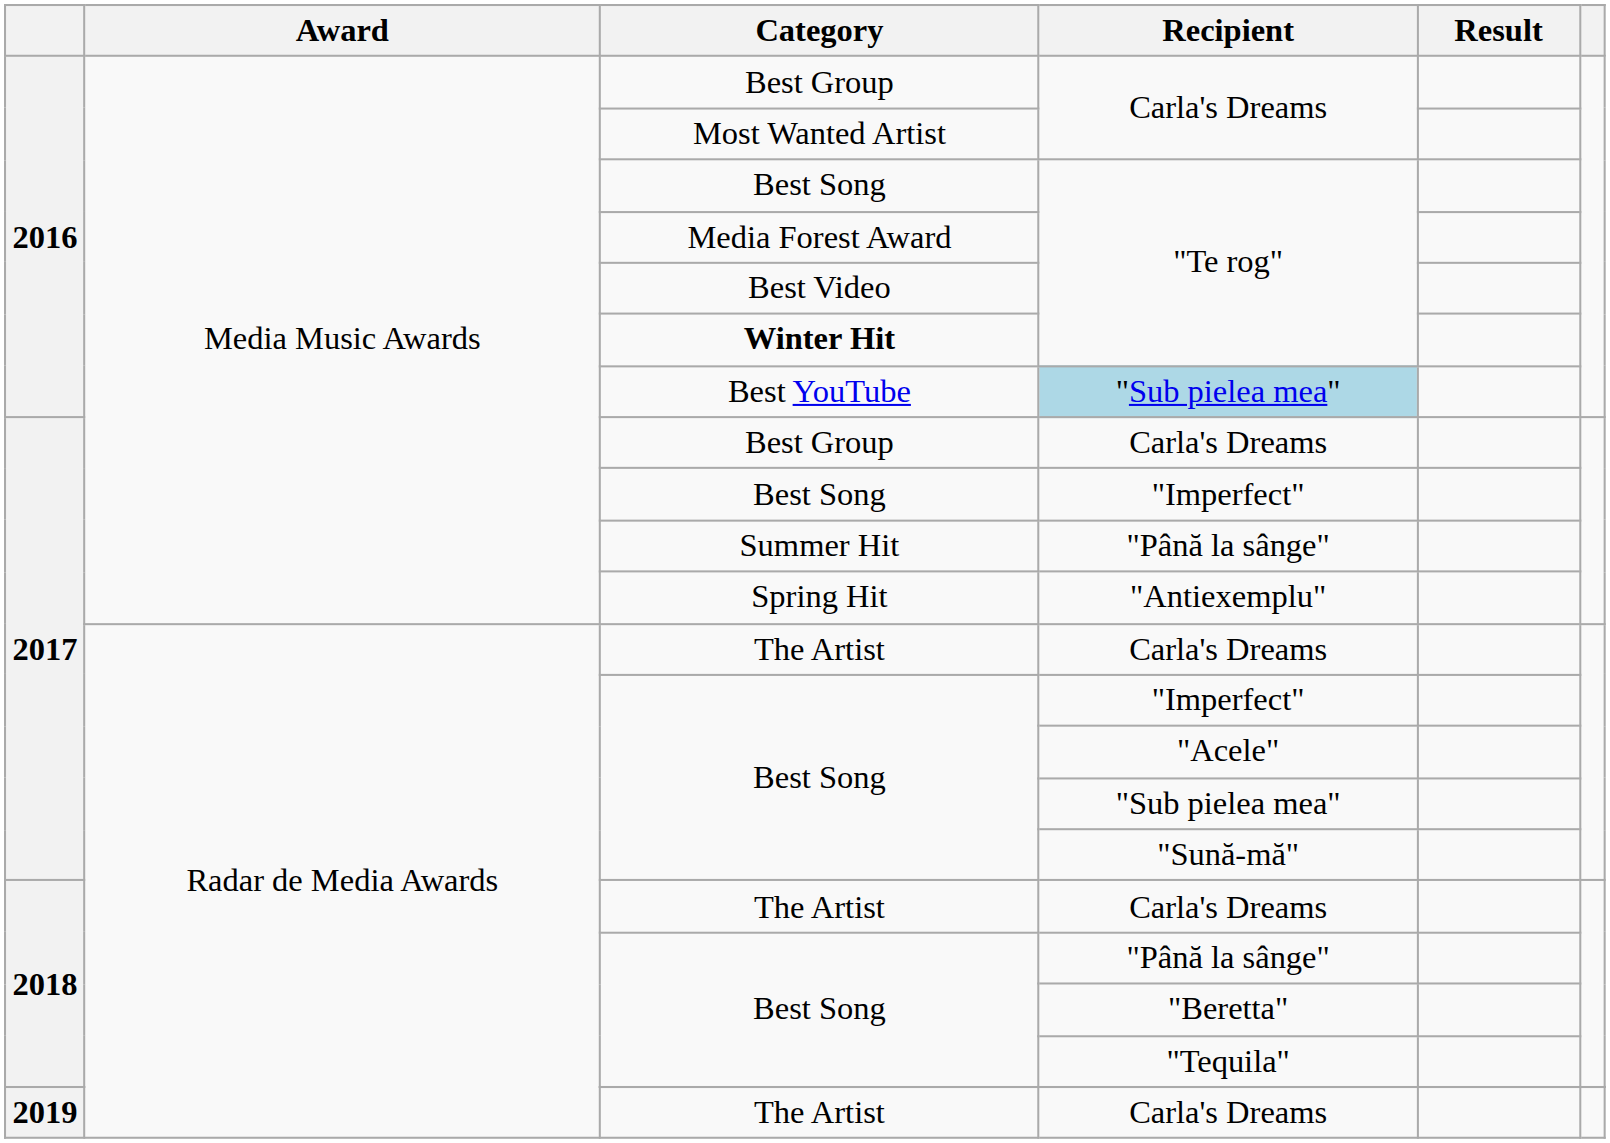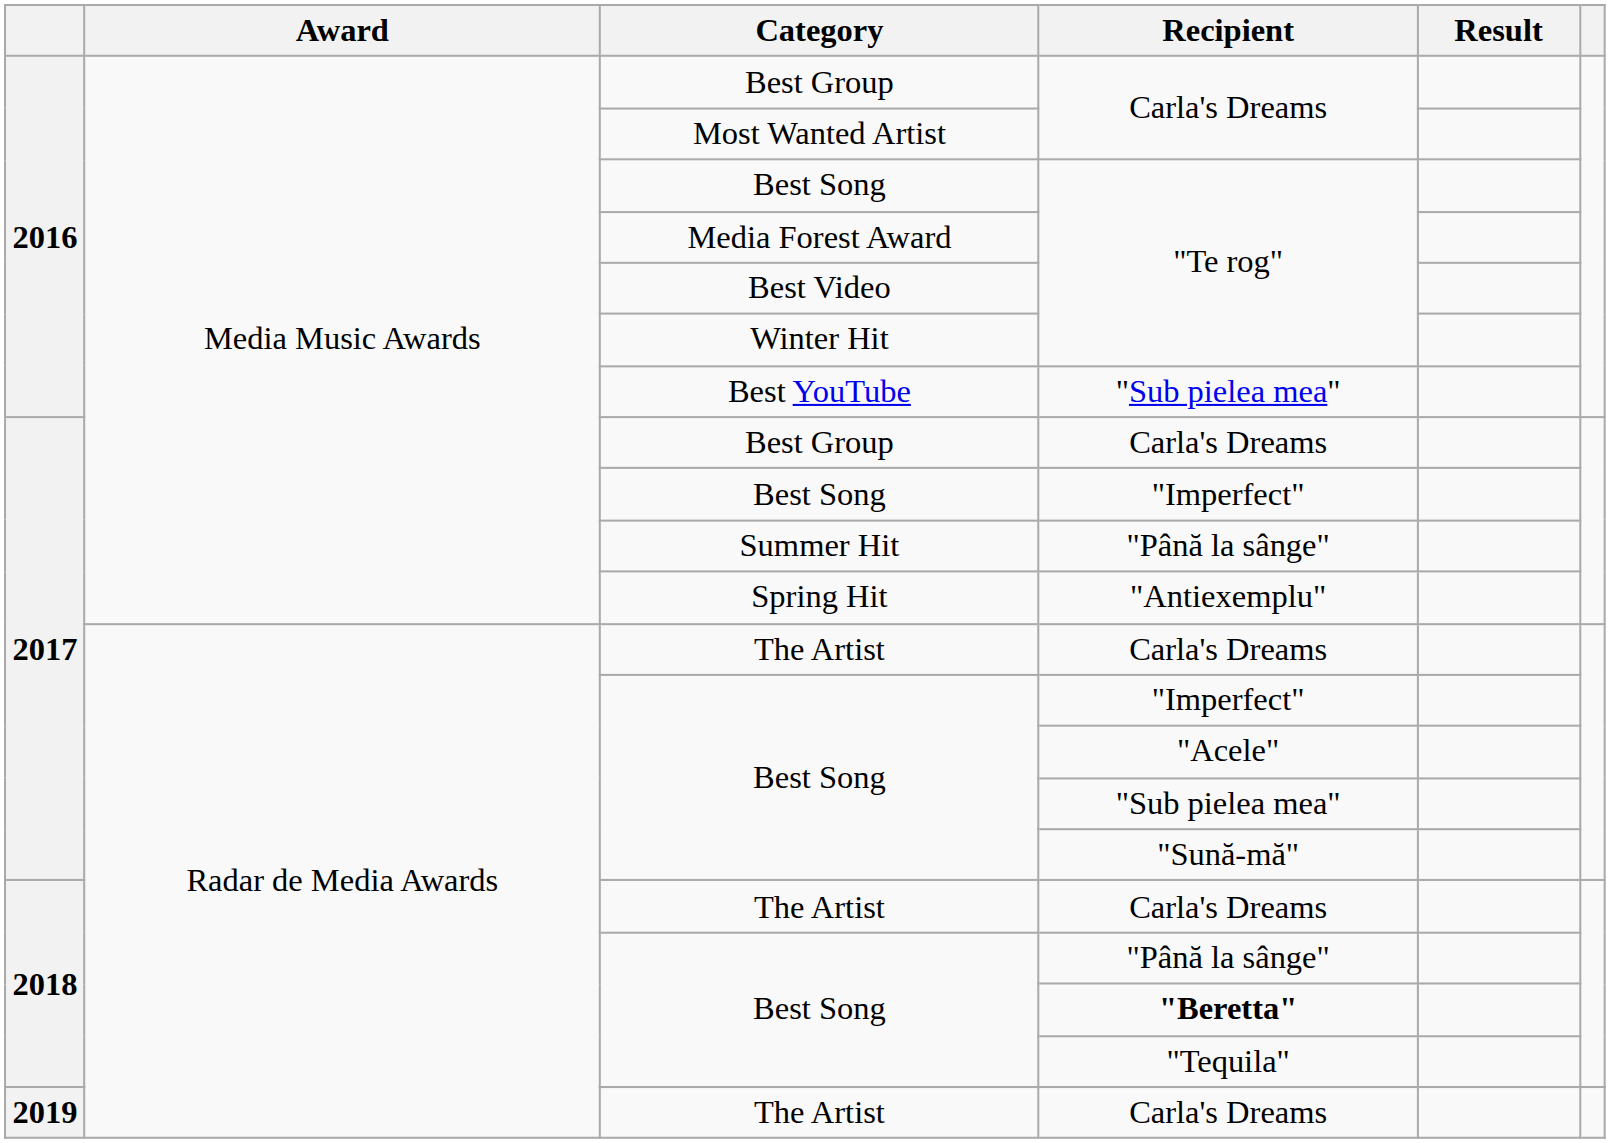 <table class="wikitable plainrowheaders sortable" style="text-align:center">
 <tr>
 <th scope="row" style="width:5%;"></th>
 <th>Award</th>
 <th>Category</th>
 <th>Recipient</th>
 <th>Result</th>
 <th></th>
 </tr>
 <tr>
 <th scope="row" rowspan="7">2016</th>
 <td rowspan="11" scope="row">Media Music Awards</td>
 <td>Best Group</td>
 <td rowspan="2">Carla's Dreams</td>
 <td></td>
 <td rowspan="7" style="text-align:center;"></td>
 </tr>
 <tr>
 <td>Most Wanted Artist</td>
 <td></td>
 </tr>
 <tr>
 <td>Best Song</td>
 <td rowspan="4">"Te rog"</td>
 <td></td>
 </tr>
 <tr>
 <td>Media Forest Award</td>
 <td></td>
 </tr>
 <tr>
 <td>Best Video</td>
 <td></td>
 </tr>
 <tr>
-<td><strong>Winter Hit</strong></td>
+<td>Winter Hit</td>
 <td></td>
 </tr>
 <tr>
 <td>Best <a href='#'>YouTube</a></td>
-<td style="background: lightblue;">"<a href='#'>Sub pielea mea</a>"</td>
+<td>"<a href='#'>Sub pielea mea</a>"</td>
 <td></td>
 </tr>
 <tr>
 <th scope="row" rowspan="9">2017</th>
 <td>Best Group</td>
 <td>Carla's Dreams</td>
 <td></td>
 <td rowspan="4"></td>
 </tr>
 <tr>
 <td>Best Song</td>
 <td>"Imperfect"</td>
 <td></td>
 </tr>
 <tr>
 <td>Summer Hit</td>
 <td>"Până la sânge"</td>
 <td></td>
 </tr>
 <tr>
 <td>Spring Hit</td>
 <td>"Antiexemplu"</td>
 <td></td>
 </tr>
 <tr>
 <td rowspan="11" scope="row">Radar de Media Awards</td>
 <td>The Artist</td>
 <td>Carla's Dreams</td>
 <td></td>
 <td rowspan="5" style="text-align:center;"></td>
 </tr>
 <tr>
 <td rowspan="4">Best Song</td>
 <td>"Imperfect"</td>
 <td></td>
 </tr>
 <tr>
 <td>"Acele"</td>
 <td></td>
 </tr>
 <tr>
 <td>"Sub pielea mea"</td>
 <td></td>
 </tr>
 <tr>
 <td>"Sună-mă"</td>
 <td></td>
 </tr>
 <tr>
 <th scope="row" rowspan="4">2018</th>
 <td>The Artist</td>
 <td>Carla's Dreams</td>
 <td></td>
 <td rowspan="4"></td>
 </tr>
 <tr>
 <td rowspan="3">Best Song</td>
 <td>"Până la sânge"</td>
 <td></td>
 </tr>
 <tr>
-<td>"Beretta"</td>
+<td><strong>"Beretta"</strong></td>
 <td></td>
 </tr>
 <tr>
 <td>"Tequila"</td>
 <td></td>
 </tr>
 <tr>
 <th scope="row" rowspan="3">2019</th>
 </tr>
 <tr>
 <td>The Artist</td>
 <td>Carla's Dreams</td>
 <td></td>
 <td></td>
 </tr>
 </table>
